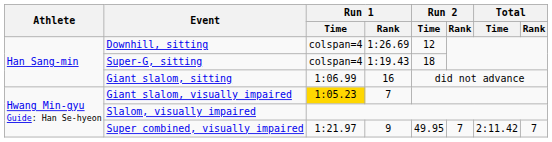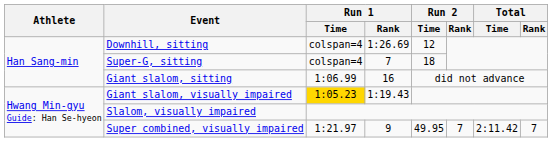 <table class="wikitable" style="font-size:90%">
 <tr>
 <th rowspan=2>Athlete</th>
 <th rowspan=2>Event</th>
 <th colspan=2>Run 1</th>
 <th colspan=2>Run 2</th>
 <th colspan=2>Total</th>
 </tr>
 <tr style="font-size:95%">
 <th>Time</th>
 <th>Rank</th>
 <th>Time</th>
 <th>Rank</th>
 <th>Time</th>
 <th>Rank</th>
 </tr>
 <tr align=center>
 <td style="text-align:left;" rowspan="3"><a href='#'>Han Sang-min</a></td>
 <td align=left><a href='#'>Downhill, sitting</a></td>
 <td>colspan=4 </td>
 <td>1:26.69</td>
 <td>12</td>
 </tr>
 <tr align=center>
 <td align=left><a href='#'>Super-G, sitting</a></td>
 <td>colspan=4 </td>
-<td>1:19.43</td>
+<td>7</td>
 <td>18</td>
 </tr>
 <tr align=center>
 <td align=left><a href='#'>Giant slalom, sitting</a></td>
 <td>1:06.99</td>
 <td>16</td>
 <td colspan=4>did not advance</td>
 </tr>
 <tr align=center>
 <td style="text-align:left;" rowspan="5"><a href='#'>Hwang Min-gyu</a><br><small><a href='#'>Guide</a>: Han Se-hyeon</small></td>
 <td align=left><a href='#'>Giant slalom, visually impaired</a></td>
 <td style="background: gold;">1:05.23</td>
-<td>7</td>
+<td>1:19.43</td>
 <td colspan=4></td>
 </tr>
 <tr align=center>
 <td align=left><a href='#'>Slalom, visually impaired</a></td>
 <td colspan=6></td>
 </tr>
 <tr align=center>
 <td align=left><a href='#'>Super combined, visually impaired</a></td>
 <td>1:21.97</td>
 <td>9</td>
 <td>49.95</td>
 <td>7</td>
 <td>2:11.42</td>
 <td>7</td>
 </tr>
 </table>
